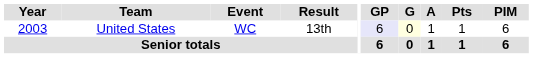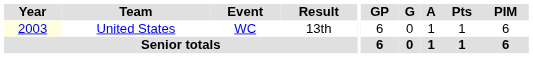 <table border="0" cellpadding="1" cellspacing="0" ID="Table3" style="text-align:center; width:40em">
 <tr ALIGN="center" bgcolor="#e0e0e0">
 <th>Year</th>
 <th>Team</th>
 <th>Event</th>
 <th>Result</th>
 <th rowspan="99" bgcolor="#ffffff"></th>
 <th>GP</th>
 <th>G</th>
 <th>A</th>
 <th>Pts</th>
 <th>PIM</th>
 </tr>
 <tr>
-<td><a href='#'>2003</a></td>
+<td style="background: lightyellow;"><a href='#'>2003</a></td>
 <td><a href='#'>United States</a></td>
 <td><a href='#'>WC</a></td>
 <td>13th</td>
-<td style="background: lavender;">6</td>
-<td style="background: lightyellow;">0</td>
+<td>6</td>
+<td>0</td>
 <td>1</td>
 <td>1</td>
 <td>6</td>
 </tr>
 <tr bgcolor="#e0e0e0">
 <th colspan="4">Senior totals</th>
 <th>6</th>
 <th>0</th>
 <th>1</th>
 <th>1</th>
 <th>6</th>
 </tr>
 </table>
